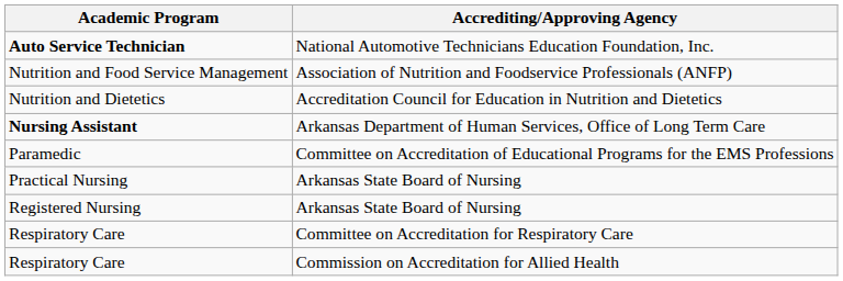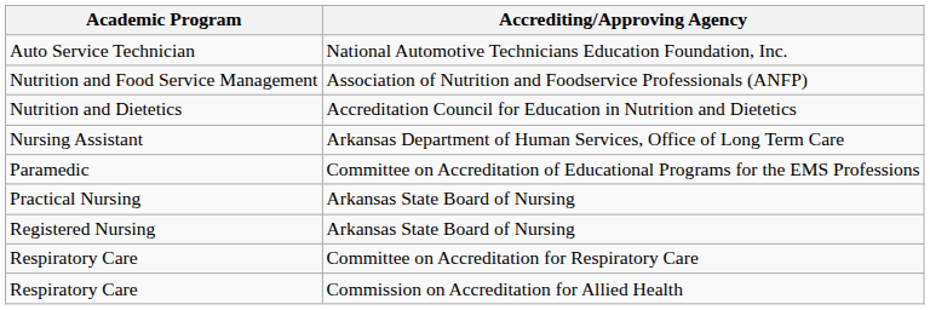 <table class="wikitable">
 <tr>
 <th>Academic Program</th>
 <th>Accrediting/Approving Agency</th>
 </tr>
 <tr>
-<td><strong>Auto Service Technician</strong></td>
+<td>Auto Service Technician</td>
 <td>National Automotive Technicians Education Foundation, Inc.</td>
 </tr>
 <tr>
 <td>Nutrition and Food Service Management</td>
 <td>Association of Nutrition and Foodservice Professionals (ANFP)</td>
 </tr>
 <tr>
 <td>Nutrition and Dietetics</td>
 <td>Accreditation Council for Education in Nutrition and Dietetics</td>
 </tr>
 <tr>
-<td><strong>Nursing Assistant</strong></td>
+<td>Nursing Assistant</td>
 <td>Arkansas Department of Human Services, Office of Long Term Care</td>
 </tr>
 <tr>
 <td>Paramedic</td>
 <td>Committee on Accreditation of Educational Programs for the EMS Professions</td>
 </tr>
 <tr>
 <td>Practical Nursing</td>
 <td>Arkansas State Board of Nursing</td>
 </tr>
 <tr>
 <td>Registered Nursing</td>
 <td>Arkansas State Board of Nursing</td>
 </tr>
 <tr>
 <td>Respiratory Care</td>
 <td>Committee on Accreditation for Respiratory Care</td>
 </tr>
 <tr>
 <td>Respiratory Care</td>
 <td>Commission on Accreditation for Allied Health</td>
 </tr>
 </table>
